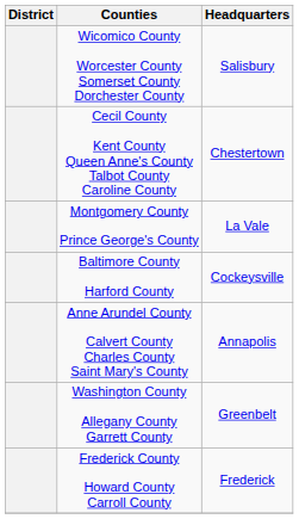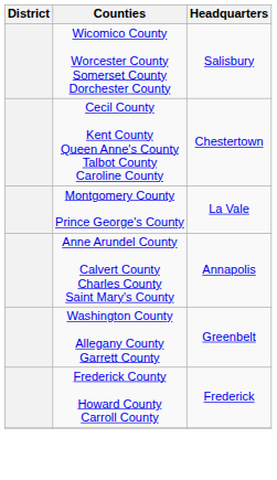 <table class="wikitable" style="text-align:center">
 <tr>
 <th>District</th>
 <th>Counties</th>
 <th>Headquarters</th>
 </tr>
 <tr>
 <th></th>
 <td><a href='#'>Wicomico County</a> <br><br><a href='#'>Worcester County</a> <br> <a href='#'>Somerset County</a> <br> <a href='#'>Dorchester County</a> <br></td>
 <td><a href='#'>Salisbury</a></td>
 </tr>
 <tr>
 <th></th>
 <td><a href='#'>Cecil County</a> <br><br><a href='#'>Kent County</a> <br> <a href='#'>Queen Anne's County</a> <br> <a href='#'>Talbot County</a> <br> <a href='#'>Caroline County</a> <br></td>
 <td><a href='#'>Chestertown</a></td>
 </tr>
 <tr>
 <th></th>
 <td><a href='#'>Montgomery County</a> <br><br><a href='#'>Prince George's County</a> <br></td>
 <td><a href='#'>La Vale</a></td>
 </tr>
 <tr>
 <th></th>
-<td><a href='#'>Baltimore County</a> <br><br><a href='#'>Harford County</a> <br></td>
-<td><a href='#'>Cockeysville</a></td>
-</tr>
-<tr>
-<th></th>
 <td><a href='#'>Anne Arundel County</a> <br><br><a href='#'>Calvert County</a> <br> <a href='#'>Charles County</a> <br> <a href='#'>Saint Mary's County</a> <br></td>
 <td><a href='#'>Annapolis</a></td>
 </tr>
 <tr>
 <th></th>
 <td><a href='#'>Washington County</a> <br><br><a href='#'>Allegany County</a> <br> <a href='#'>Garrett County</a> <br></td>
 <td><a href='#'>Greenbelt</a></td>
 </tr>
 <tr>
 <th></th>
 <td><a href='#'>Frederick County</a> <br><br><a href='#'>Howard County</a> <br> <a href='#'>Carroll County</a> <br></td>
 <td><a href='#'>Frederick</a></td>
 </tr>
 <tr>
 </tr>
 </table>
